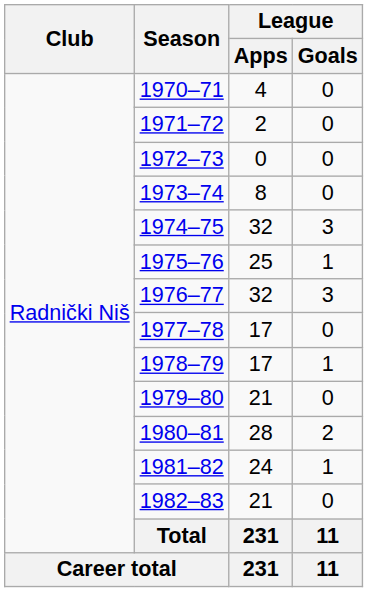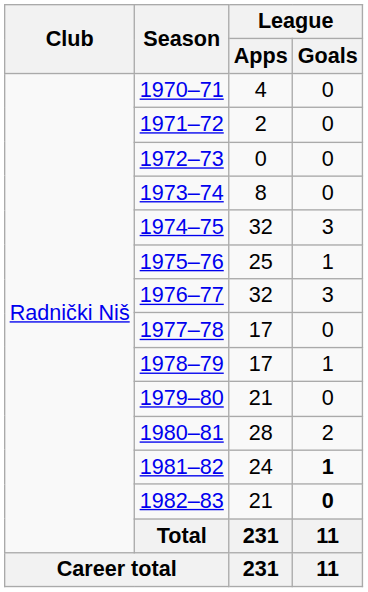 <table class="wikitable" style="text-align:center">
 <tr>
 <th rowspan="2">Club</th>
 <th rowspan="2">Season</th>
 <th colspan="2">League</th>
 </tr>
 <tr>
 <th>Apps</th>
 <th>Goals</th>
 </tr>
 <tr>
 <td rowspan="14"><a href='#'>Radnički Niš</a></td>
 <td><a href='#'>1970–71</a></td>
 <td>4</td>
 <td>0</td>
 </tr>
 <tr>
 <td><a href='#'>1971–72</a></td>
 <td>2</td>
 <td>0</td>
 </tr>
 <tr>
 <td><a href='#'>1972–73</a></td>
 <td>0</td>
 <td>0</td>
 </tr>
 <tr>
 <td><a href='#'>1973–74</a></td>
 <td>8</td>
 <td>0</td>
 </tr>
 <tr>
 <td><a href='#'>1974–75</a></td>
 <td>32</td>
 <td>3</td>
 </tr>
 <tr>
 <td><a href='#'>1975–76</a></td>
 <td>25</td>
 <td>1</td>
 </tr>
 <tr>
 <td><a href='#'>1976–77</a></td>
 <td>32</td>
 <td>3</td>
 </tr>
 <tr>
 <td><a href='#'>1977–78</a></td>
 <td>17</td>
 <td>0</td>
 </tr>
 <tr>
 <td><a href='#'>1978–79</a></td>
 <td>17</td>
 <td>1</td>
 </tr>
 <tr>
 <td><a href='#'>1979–80</a></td>
 <td>21</td>
 <td>0</td>
 </tr>
 <tr>
 <td><a href='#'>1980–81</a></td>
 <td>28</td>
 <td>2</td>
 </tr>
 <tr>
 <td><a href='#'>1981–82</a></td>
 <td>24</td>
-<td>1</td>
+<td><strong>1</strong></td>
 </tr>
 <tr>
 <td><a href='#'>1982–83</a></td>
 <td>21</td>
-<td>0</td>
+<td><strong>0</strong></td>
 </tr>
 <tr>
 <th>Total</th>
 <th>231</th>
 <th>11</th>
 </tr>
 <tr>
 <th colspan="2">Career total</th>
 <th>231</th>
 <th>11</th>
 </tr>
 </table>
